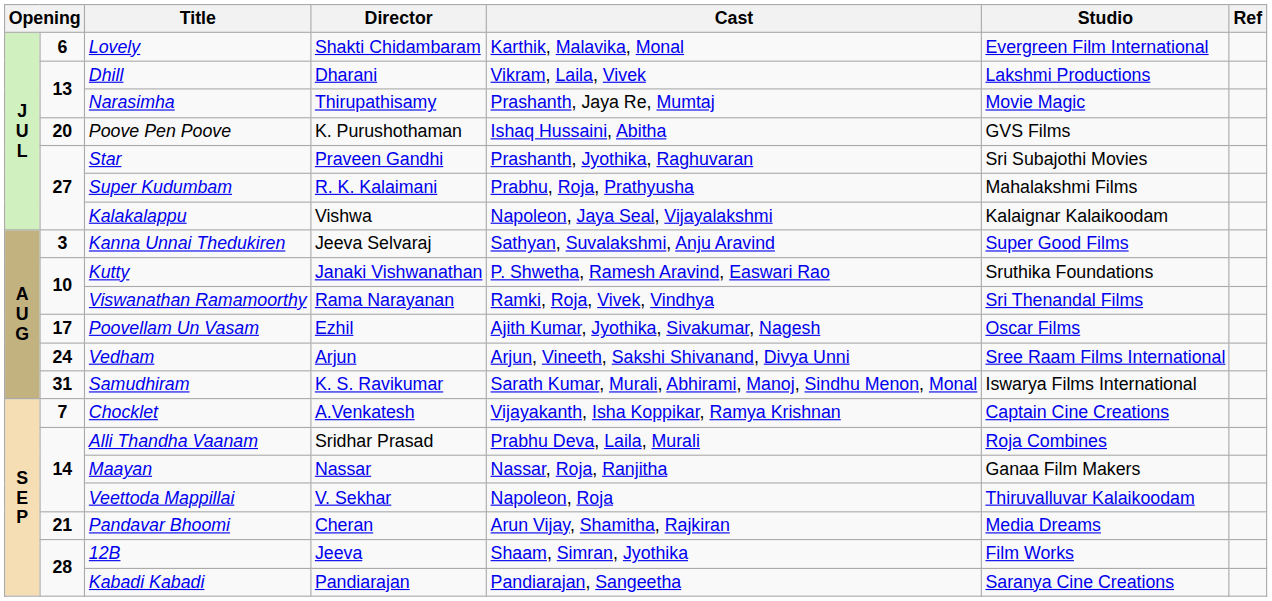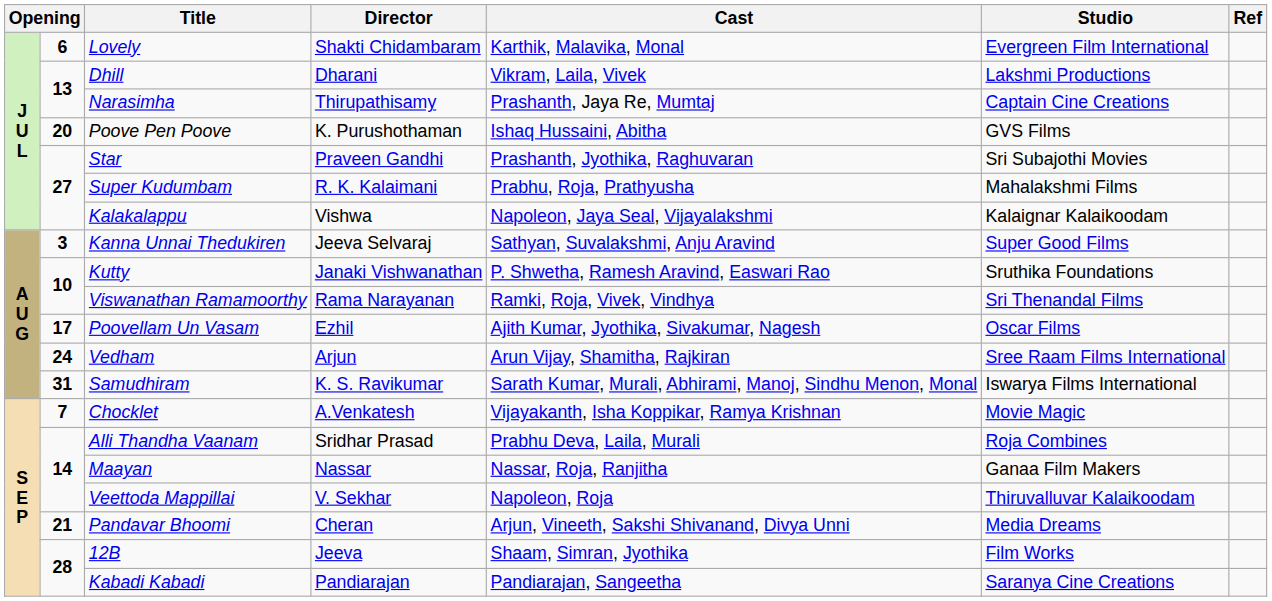 <table class="wikitable">
 <tr>
 <th colspan="2">Opening</th>
 <th>Title</th>
 <th>Director</th>
 <th>Cast</th>
 <th>Studio</th>
 <th>Ref</th>
 </tr>
 <tr July!>
 <td rowspan="7" valign="center" align="center" style="background:#d0f0c0; textcolor:#000;"><strong>J<br>U<br>L</strong></td>
 <td rowspan="1" align="center"><strong>6</strong></td>
 <td><em><a href='#'>Lovely</a></em></td>
 <td><a href='#'>Shakti Chidambaram</a></td>
 <td><a href='#'>Karthik</a>, <a href='#'>Malavika</a>, <a href='#'>Monal</a></td>
 <td><a href='#'>Evergreen Film International</a></td>
 <td></td>
 </tr>
 <tr>
 <td rowspan="2" align="center"><strong>13</strong></td>
 <td><em><a href='#'>Dhill</a></em></td>
 <td><a href='#'>Dharani</a></td>
 <td><a href='#'>Vikram</a>, <a href='#'>Laila</a>, <a href='#'>Vivek</a></td>
 <td><a href='#'>Lakshmi Productions</a></td>
 <td></td>
 </tr>
 <tr>
 <td><em><a href='#'>Narasimha</a></em></td>
 <td><a href='#'>Thirupathisamy</a></td>
 <td><a href='#'>Prashanth</a>, Jaya Re, <a href='#'>Mumtaj</a></td>
-<td><a href='#'>Movie Magic</a></td>
+<td><a href='#'>Captain Cine Creations</a></td>
 <td></td>
 </tr>
 <tr>
 <td rowspan="1" align="center"><strong>20</strong></td>
 <td><em>Poove Pen Poove</em></td>
 <td>K. Purushothaman</td>
 <td><a href='#'>Ishaq Hussaini</a>, <a href='#'>Abitha</a></td>
 <td>GVS Films</td>
 <td></td>
 </tr>
 <tr>
 <td rowspan="3" align="center"><strong>27</strong></td>
 <td><em><a href='#'>Star</a></em></td>
 <td><a href='#'>Praveen Gandhi</a></td>
 <td><a href='#'>Prashanth</a>, <a href='#'>Jyothika</a>, <a href='#'>Raghuvaran</a></td>
 <td>Sri Subajothi Movies</td>
 <td></td>
 </tr>
 <tr>
 <td><em><a href='#'>Super Kudumbam</a></em></td>
 <td><a href='#'>R. K. Kalaimani</a></td>
 <td><a href='#'>Prabhu</a>, <a href='#'>Roja</a>, <a href='#'>Prathyusha</a></td>
 <td>Mahalakshmi Films</td>
 <td></td>
 </tr>
 <tr>
 <td><em><a href='#'>Kalakalappu</a></em></td>
 <td>Vishwa</td>
 <td><a href='#'>Napoleon</a>, <a href='#'>Jaya Seal</a>, <a href='#'>Vijayalakshmi</a></td>
 <td>Kalaignar Kalaikoodam</td>
 <td></td>
 </tr>
 <tr August!>
 <td rowspan="6" valign="center" align="center" style="background:#C2B280; textcolor:#000;"><strong>A<br>U<br>G</strong></td>
 <td rowspan="1" align="center"><strong>3</strong></td>
 <td><em><a href='#'>Kanna Unnai Thedukiren</a></em></td>
 <td>Jeeva Selvaraj</td>
 <td><a href='#'>Sathyan</a>, <a href='#'>Suvalakshmi</a>, <a href='#'>Anju Aravind</a></td>
 <td><a href='#'>Super Good Films</a></td>
 <td></td>
 </tr>
 <tr>
 <td rowspan="2" align="center"><strong>10</strong></td>
 <td><em><a href='#'>Kutty</a></em></td>
 <td><a href='#'>Janaki Vishwanathan</a></td>
 <td><a href='#'>P. Shwetha</a>, <a href='#'>Ramesh Aravind</a>, <a href='#'>Easwari Rao</a></td>
 <td>Sruthika Foundations</td>
 <td></td>
 </tr>
 <tr>
 <td><em><a href='#'>Viswanathan Ramamoorthy</a></em></td>
 <td><a href='#'>Rama Narayanan</a></td>
 <td><a href='#'>Ramki</a>, <a href='#'>Roja</a>, <a href='#'>Vivek</a>, <a href='#'>Vindhya</a></td>
 <td><a href='#'>Sri Thenandal Films</a></td>
 <td></td>
 </tr>
 <tr>
 <td rowspan="1" align="center"><strong>17</strong></td>
 <td><em><a href='#'>Poovellam Un Vasam</a></em></td>
 <td><a href='#'>Ezhil</a></td>
 <td><a href='#'>Ajith Kumar</a>, <a href='#'>Jyothika</a>, <a href='#'>Sivakumar</a>, <a href='#'>Nagesh</a></td>
 <td><a href='#'>Oscar Films</a></td>
 <td></td>
 </tr>
 <tr>
 <td rowspan="1" align="center"><strong>24</strong></td>
 <td><em><a href='#'>Vedham</a></em></td>
 <td><a href='#'>Arjun</a></td>
-<td><a href='#'>Arjun</a>, <a href='#'>Vineeth</a>, <a href='#'>Sakshi Shivanand</a>, <a href='#'>Divya Unni</a></td>
+<td><a href='#'>Arun Vijay</a>, <a href='#'>Shamitha</a>, <a href='#'>Rajkiran</a></td>
 <td><a href='#'>Sree Raam Films International</a></td>
 <td></td>
 </tr>
 <tr>
 <td rowspan="1" align="center"><strong>31</strong></td>
 <td><em><a href='#'>Samudhiram</a></em></td>
 <td><a href='#'>K. S. Ravikumar</a></td>
 <td><a href='#'>Sarath Kumar</a>, <a href='#'>Murali</a>, <a href='#'>Abhirami</a>, <a href='#'>Manoj</a>, <a href='#'>Sindhu Menon</a>, <a href='#'>Monal</a></td>
 <td>Iswarya Films International</td>
 <td></td>
 </tr>
 <tr September!>
 <td rowspan="7" valign="center" align="center" style="background:#F5DEB3; textcolor:#000;"><strong>S<br>E<br>P</strong></td>
 <td rowspan="1" align="center"><strong>7</strong></td>
 <td><em><a href='#'>Chocklet</a></em></td>
 <td><a href='#'>A.Venkatesh</a></td>
 <td><a href='#'>Vijayakanth</a>, <a href='#'>Isha Koppikar</a>, <a href='#'>Ramya Krishnan</a></td>
-<td><a href='#'>Captain Cine Creations</a></td>
+<td><a href='#'>Movie Magic</a></td>
 <td></td>
 </tr>
 <tr>
 <td rowspan="3" align="center"><strong>14</strong></td>
 <td><em><a href='#'>Alli Thandha Vaanam</a></em></td>
 <td>Sridhar Prasad</td>
 <td><a href='#'>Prabhu Deva</a>, <a href='#'>Laila</a>, <a href='#'>Murali</a></td>
 <td><a href='#'>Roja Combines</a></td>
 <td></td>
 </tr>
 <tr>
 <td><em><a href='#'>Maayan</a></em></td>
 <td><a href='#'>Nassar</a></td>
 <td><a href='#'>Nassar</a>, <a href='#'>Roja</a>, <a href='#'>Ranjitha</a></td>
 <td>Ganaa Film Makers</td>
 <td></td>
 </tr>
 <tr>
 <td><em><a href='#'>Veettoda Mappillai</a></em></td>
 <td><a href='#'>V. Sekhar</a></td>
 <td><a href='#'>Napoleon</a>, <a href='#'>Roja</a></td>
 <td><a href='#'>Thiruvalluvar Kalaikoodam</a></td>
 <td></td>
 </tr>
 <tr>
 <td rowspan="1" align="center"><strong>21</strong></td>
 <td><em><a href='#'>Pandavar Bhoomi</a></em></td>
 <td><a href='#'>Cheran</a></td>
-<td><a href='#'>Arun Vijay</a>, <a href='#'>Shamitha</a>, <a href='#'>Rajkiran</a></td>
+<td><a href='#'>Arjun</a>, <a href='#'>Vineeth</a>, <a href='#'>Sakshi Shivanand</a>, <a href='#'>Divya Unni</a></td>
 <td><a href='#'>Media Dreams</a></td>
 <td></td>
 </tr>
 <tr>
 <td rowspan="2" align="center"><strong>28</strong></td>
 <td><em><a href='#'>12B</a></em></td>
 <td><a href='#'>Jeeva</a></td>
 <td><a href='#'>Shaam</a>, <a href='#'>Simran</a>, <a href='#'>Jyothika</a></td>
 <td><a href='#'>Film Works</a></td>
 <td></td>
 </tr>
 <tr>
 <td><em><a href='#'>Kabadi Kabadi</a></em></td>
 <td><a href='#'>Pandiarajan</a></td>
 <td><a href='#'>Pandiarajan</a>, <a href='#'>Sangeetha</a></td>
 <td><a href='#'>Saranya Cine Creations</a></td>
 <td></td>
 </tr>
 </table>
